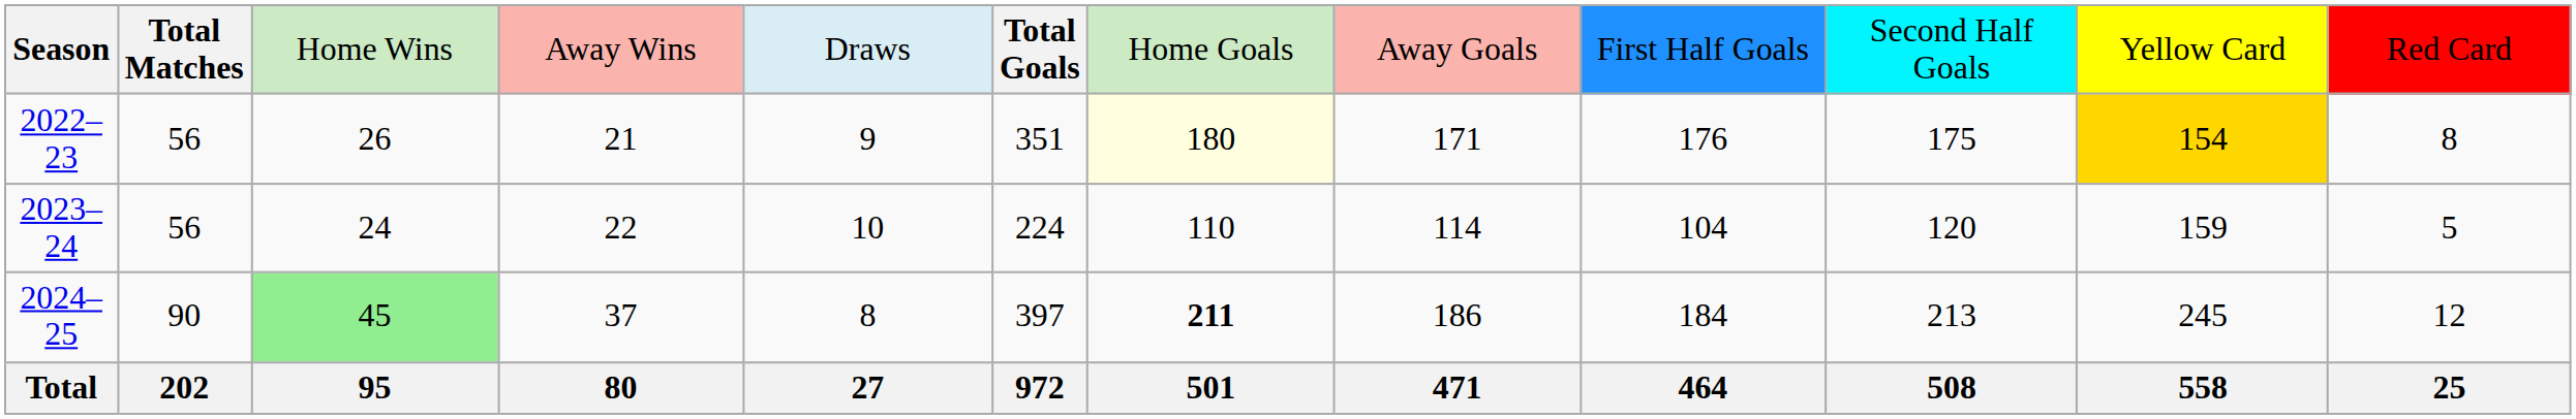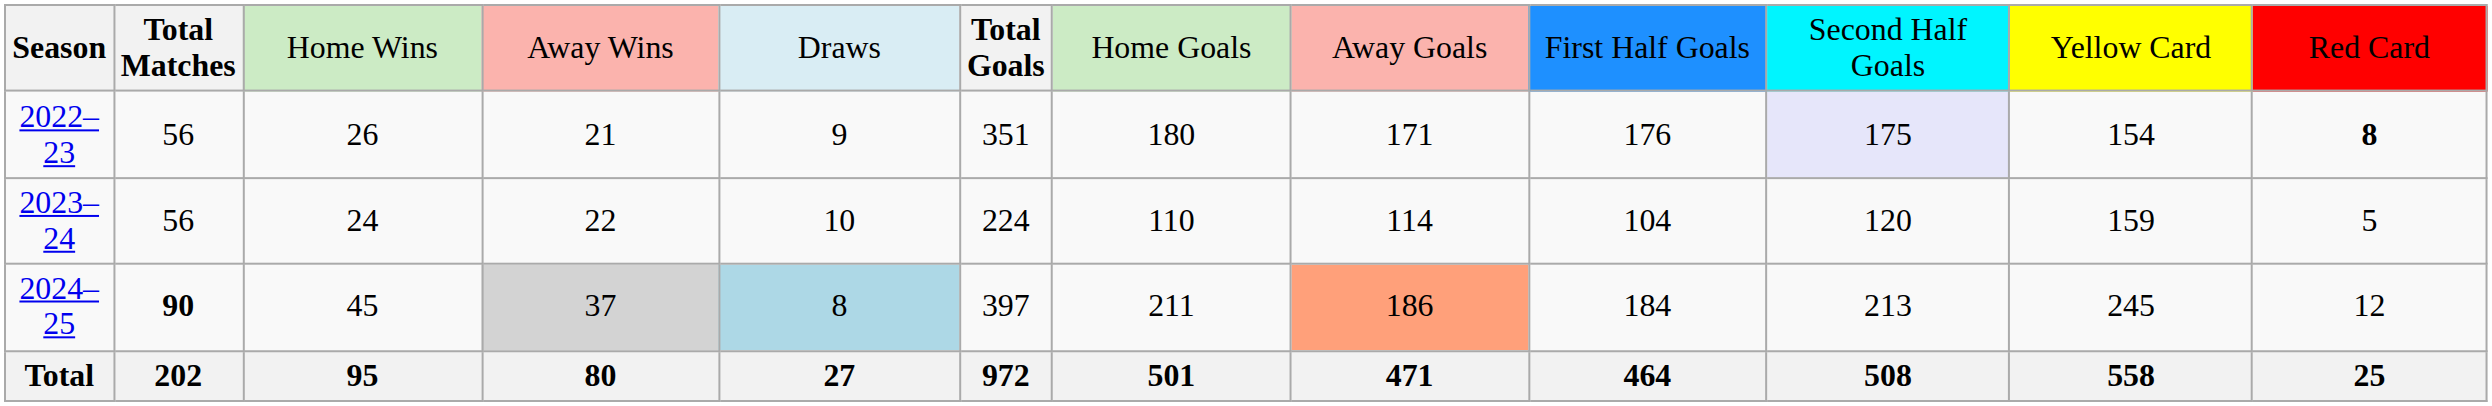 <table class="wikitable sortable" style="text-align:center">
 <tr>
 <th>Season</th>
 <th>Total Matches</th>
 <td style="background:#ccebc5; width:9em; text-align: center">Home Wins</td>
 <td style="background:#fbb3ad; width:9em; text-align: center">Away Wins</td>
 <td style="background:#d9edf4; width:9em; text-align: center">Draws</td>
 <th>Total Goals</th>
 <td style="background:#ccebc5; width:9em; text-align: center">Home Goals</td>
 <td style="background:#fbb3ad; width:9em; text-align: center">Away Goals</td>
 <td style="background:#1e90ff; width:9em; text-align: center">First Half Goals</td>
 <td style="background:#00f5ff; width:9em; text-align: center">Second Half Goals</td>
 <td style="background:#ffff00; width:9em; text-align: center">Yellow Card</td>
 <td style="background:#ff0000; width:9em; text-align: center">Red Card</td>
 </tr>
 <tr>
 <td><a href='#'>2022–23</a></td>
 <td>56</td>
 <td>26</td>
 <td>21</td>
 <td>9</td>
 <td>351</td>
-<td style="background: lightyellow;">180</td>
+<td>180</td>
 <td>171</td>
 <td>176</td>
-<td>175</td>
-<td style="background: gold;">154</td>
-<td>8</td>
+<td style="background: lavender;">175</td>
+<td>154</td>
+<td><strong>8</strong></td>
 </tr>
 <tr>
 <td><a href='#'>2023–24</a></td>
 <td>56</td>
 <td>24</td>
 <td>22</td>
 <td>10</td>
 <td>224</td>
 <td>110</td>
 <td>114</td>
 <td>104</td>
 <td>120</td>
 <td>159</td>
 <td>5</td>
 </tr>
 <tr>
 <td><a href='#'>2024–25</a></td>
-<td>90</td>
-<td style="background: lightgreen;">45</td>
-<td>37</td>
-<td>8</td>
+<td><strong>90</strong></td>
+<td>45</td>
+<td style="background: lightgrey;">37</td>
+<td style="background: lightblue;">8</td>
 <td>397</td>
-<td><strong>211</strong></td>
-<td>186</td>
+<td>211</td>
+<td style="background: lightsalmon;">186</td>
 <td>184</td>
 <td>213</td>
 <td>245</td>
 <td>12</td>
 </tr>
 <tr>
 <th colspan="1">Total</th>
 <th>202</th>
 <th>95</th>
 <th>80</th>
 <th>27</th>
 <th>972</th>
 <th>501</th>
 <th>471</th>
 <th>464</th>
 <th>508</th>
 <th>558</th>
 <th>25</th>
 </tr>
 </table>
